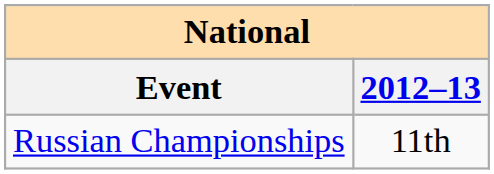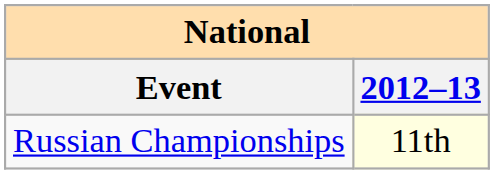 <table class="wikitable" style="text-align:center">
 <tr>
 <th style="background-color: #ffdead; " colspan=2 align=center>National</th>
 </tr>
 <tr>
 <th>Event</th>
 <th><a href='#'>2012–13</a></th>
 </tr>
 <tr>
 <td align=left><a href='#'>Russian Championships</a></td>
-<td>11th</td>
+<td style="background: lightyellow;">11th</td>
 </tr>
 </table>
